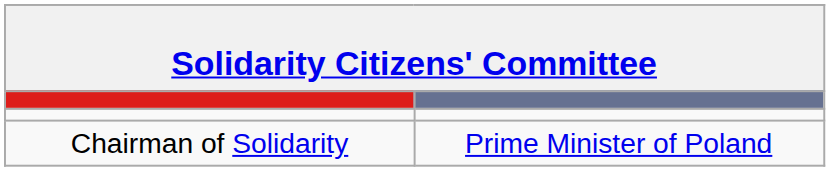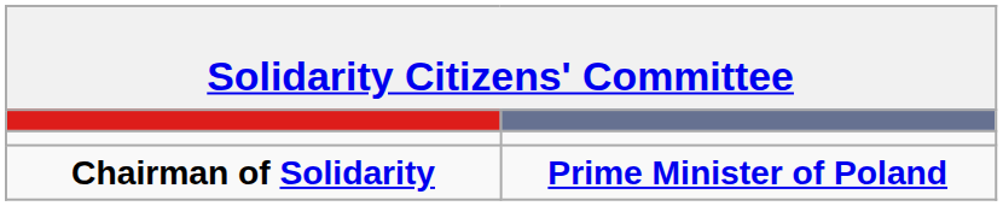 <table class="wikitable" style="font-size:90%; text-align:center;">
 <tr>
 <td style="background:#f1f1f1;" colspan="30"><br><big><strong><a href='#'>Solidarity Citizens' Committee</a></strong></big></td>
 </tr>
 <tr>
 <th style="width:3em; font-size:135%; background:#DD1D1A ; width:200px;"><a href='#'></a></th>
 <th style="width:3em; font-size:135%; background:#667191 ; width:200px;"><a href='#'></a></th>
 </tr>
 <tr>
 <td style="text-align:center"></td>
 <td style="text-align:center"></td>
 </tr>
 <tr>
-<td>Chairman of <a href='#'>Solidarity</a><br></td>
-<td><a href='#'>Prime Minister of Poland</a><br></td>
+<td><strong>Chairman of <a href='#'>Solidarity</a><br></strong></td>
+<td><strong><a href='#'>Prime Minister of Poland</a><br></strong></td>
 </tr>
 </table>
